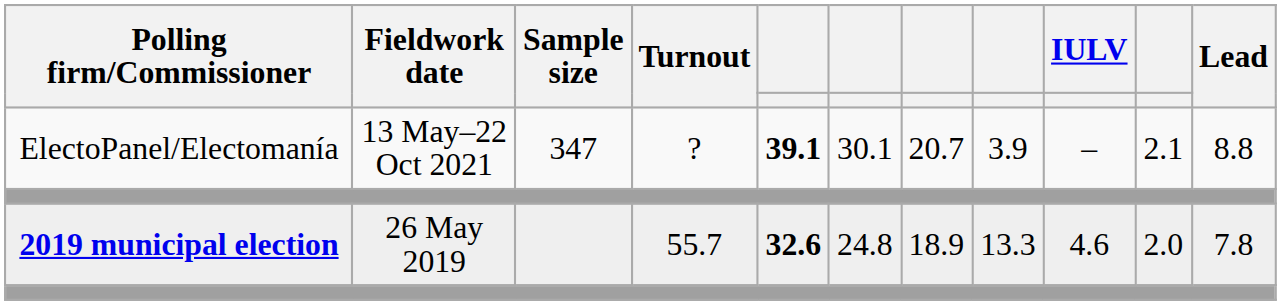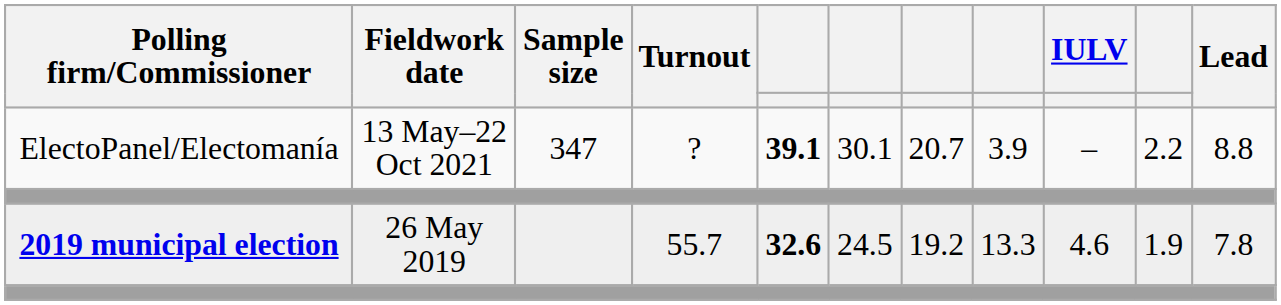 <table class="wikitable collapsible collapsed" style="text-align:center; font-size:95%; line-height:16px;">
 <tr style="height:42px;">
 <th style="width:250px;" rowspan="2">Polling firm/Commissioner</th>
 <th style="width:125px;" rowspan="2">Fieldwork date</th>
 <th style="width:50px;" rowspan="2">Sample size</th>
 <th style="width:45px;" rowspan="2">Turnout</th>
 <th style="width:35px;"></th>
 <th style="width:35px;"></th>
 <th style="width:35px;"></th>
 <th style="width:35px;"></th>
 <th style="width:35px;"><a href='#'>IULV</a></th>
 <th style="width:35px;"></th>
 <th style="width:30px;" rowspan="2">Lead</th>
 </tr>
 <tr>
 <th style="color:inherit;background:"></th>
 <th style="color:inherit;background:"></th>
 <th style="color:inherit;background:"></th>
 <th style="color:inherit;background:"></th>
 <th style="color:inherit;background:"></th>
 <th style="color:inherit;background:"></th>
 </tr>
 <tr>
 <td>ElectoPanel/Electomanía</td>
 <td>13 May–22 Oct 2021</td>
 <td>347</td>
 <td>?</td>
 <td><strong>39.1</strong><br></td>
 <td>30.1<br></td>
 <td>20.7<br></td>
 <td>3.9<br></td>
 <td>–</td>
-<td>2.1<br></td>
+<td>2.2<br></td>
 <td style="background:">8.8</td>
 </tr>
 <tr>
 <td colspan="11" style="background:#A0A0A0"></td>
 </tr>
 <tr style="background:#EFEFEF;">
 <td><strong><a href='#'>2019 municipal election</a></strong></td>
 <td>26 May 2019</td>
 <td></td>
 <td>55.7</td>
 <td><strong>32.6</strong><br></td>
-<td>24.8<br></td>
-<td>18.9<br></td>
+<td>24.5<br></td>
+<td>19.2<br></td>
 <td>13.3<br></td>
 <td>4.6<br></td>
-<td>2.0<br></td>
+<td>1.9<br></td>
 <td style="background:">7.8</td>
 </tr>
 <tr>
 <td colspan="11" style="background:#A0A0A0"></td>
 </tr>
 </table>
